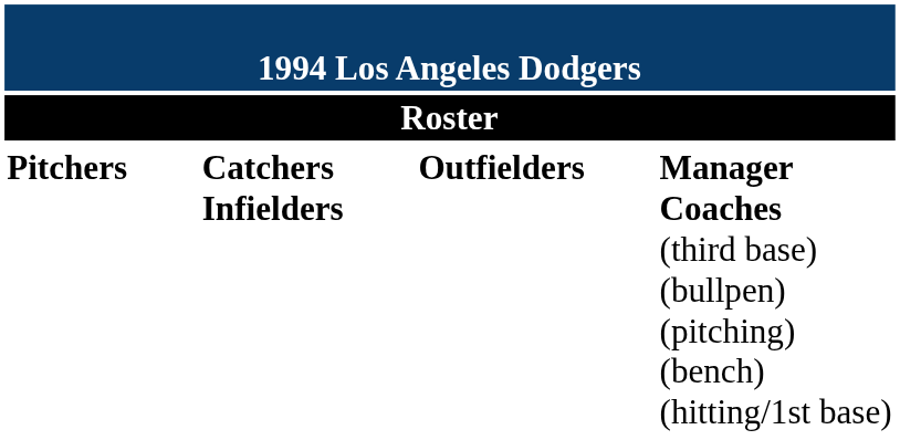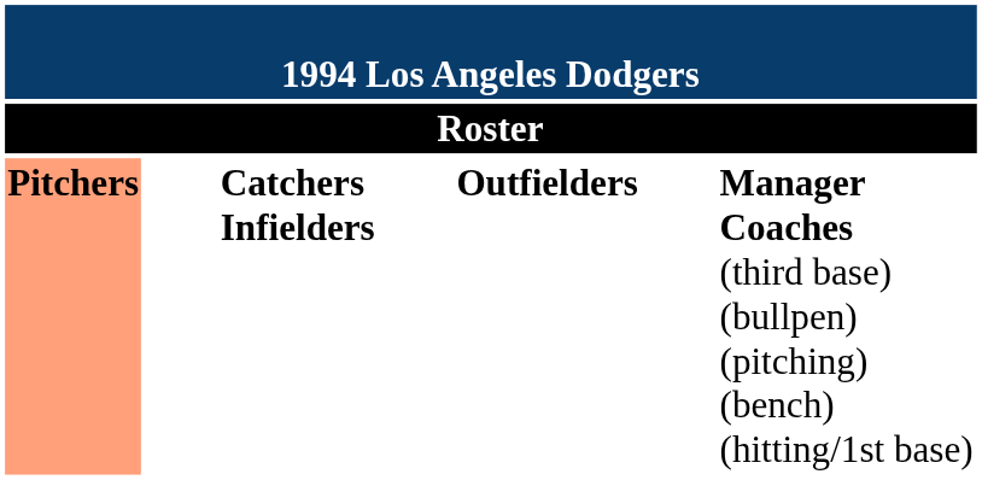 <table class="toccolours" style="font-size: 95%;">
 <tr>
 <th colspan="10" style="background-color: #083c6b; color: #FFFFFF; text-align: center;"><br>1994 Los Angeles Dodgers</th>
 </tr>
 <tr>
 <td colspan="10" style="background-color: black; color: #FFFFFF; text-align: center;"><strong>Roster</strong></td>
 </tr>
 <tr>
-<td valign="top"><strong>Pitchers</strong><br>                          </td>
+<td valign="top" style="background: lightsalmon;"><strong>Pitchers</strong><br>                          </td>
 <td width="25px"></td>
 <td valign="top"><strong>Catchers</strong><br>   <strong>Infielders</strong>         </td>
 <td width="25px"></td>
 <td valign="top"><strong>Outfielders</strong><br>      </td>
 <td width="25px"></td>
 <td valign="top"><strong>Manager</strong><br> <strong>Coaches</strong> <br> (third base)  <br>(bullpen)   <br> (pitching)  <br>(bench)  <br>(hitting/1st base)</td>
 </tr>
 </table>
